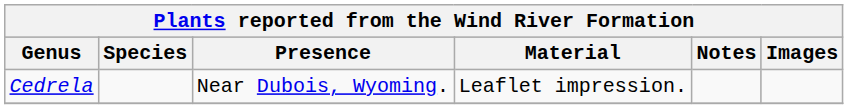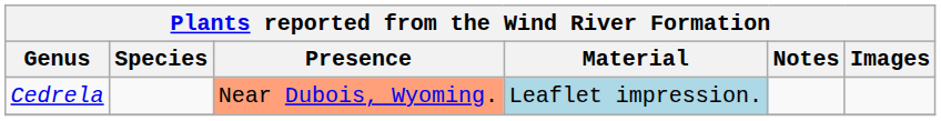 <table class="wikitable" align="center">
 <tr>
 <th colspan="6" align="center"><strong><a href='#'>Plants</a> reported from the Wind River Formation</strong></th>
 </tr>
 <tr>
 <th>Genus</th>
 <th>Species</th>
 <th>Presence</th>
 <th><strong>Material</strong></th>
 <th>Notes</th>
 <th>Images</th>
 </tr>
 <tr>
 <td><em><a href='#'>Cedrela</a></em></td>
 <td></td>
-<td>Near <a href='#'>Dubois, Wyoming</a>.</td>
-<td>Leaflet impression.</td>
+<td style="background: lightsalmon;">Near <a href='#'>Dubois, Wyoming</a>.</td>
+<td style="background: lightblue;">Leaflet impression.</td>
 <td></td>
 <td></td>
 </tr>
 <tr>
 </tr>
 </table>
